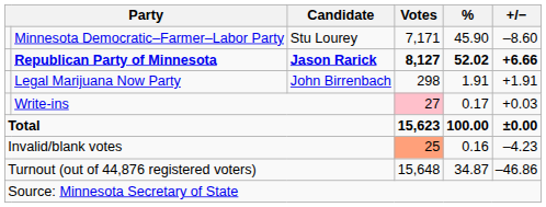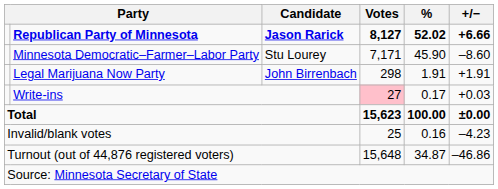 <table class="wikitable">
 <tr>
 <th colspan="2">Party</th>
 <th>Candidate</th>
 <th>Votes</th>
 <th>%</th>
 <th>+/−</th>
 </tr>
 <tr>
 <td style="background-color:"></td>
+<td><strong><a href='#'>Republican Party of Minnesota</a></strong></td>
+<td><strong><a href='#'>Jason Rarick</a></strong></td>
+<td style="font-weight:bold" align="right">8,127</td>
+<td style="font-weight:bold" align="right">52.02</td>
+<td style="font-weight:bold" align="right">+6.66</td>
+</tr>
+<tr>
+<td style="background-color:"></td>
 <td><a href='#'>Minnesota Democratic–Farmer–Labor Party</a></td>
 <td>Stu Lourey</td>
 <td align="right">7,171</td>
 <td align="right">45.90</td>
 <td align="right">–8.60</td>
-</tr>
-<tr>
-<td style="background-color:"></td>
-<td><strong><a href='#'>Republican Party of Minnesota</a></strong></td>
-<td><strong><a href='#'>Jason Rarick</a></strong></td>
-<td style="font-weight:bold" align="right">8,127</td>
-<td style="font-weight:bold" align="right">52.02</td>
-<td style="font-weight:bold" align="right">+6.66</td>
 </tr>
 <tr>
 <td style="background-color:"></td>
 <td><a href='#'>Legal Marijuana Now Party</a></td>
 <td><a href='#'>John Birrenbach</a></td>
 <td align="right">298</td>
 <td align="right">1.91</td>
 <td align="right">+1.91</td>
 </tr>
 <tr>
 <td style="background-color:"></td>
 <td colspan="2"><a href='#'>Write-ins</a></td>
 <td align="right" style="background: pink;">27</td>
 <td align="right">0.17</td>
 <td align="right">+0.03</td>
 </tr>
 <tr>
 <td colspan="3"><strong>Total</strong></td>
 <td style="font-weight:bold" align="right">15,623</td>
 <td style="font-weight:bold" align="right">100.00</td>
 <td style="font-weight:bold" align="right">±0.00</td>
 </tr>
 <tr>
 <td colspan="3">Invalid/blank votes</td>
-<td align="right" style="background: lightsalmon;">25</td>
+<td align="right">25</td>
 <td align="right">0.16</td>
 <td align="right">–4.23</td>
 </tr>
 <tr>
 <td colspan="3">Turnout (out of 44,876 registered voters)</td>
 <td align="right">15,648</td>
 <td align="right">34.87</td>
 <td align="right">–46.86</td>
 </tr>
 <tr>
 <td colspan="6">Source: <a href='#'>Minnesota Secretary of State</a></td>
 </tr>
 </table>
